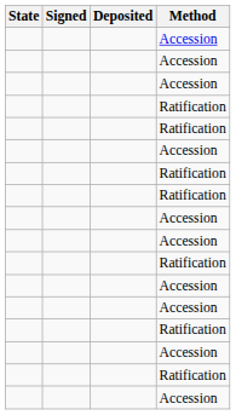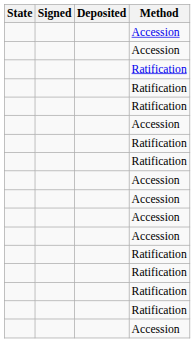 <table class="wikitable sortable">
 <tr>
 <th>State</th>
 <th>Signed</th>
 <th>Deposited</th>
 <th>Method</th>
 </tr>
 <tr>
 <td></td>
 <td></td>
 <td></td>
 <td><a href='#'>Accession</a></td>
 </tr>
 <tr>
 <td></td>
 <td></td>
 <td></td>
 <td>Accession</td>
 </tr>
 <tr>
 <td></td>
 <td></td>
 <td></td>
-<td>Accession</td>
+<td><a href='#'>Ratification</a></td>
 </tr>
 <tr>
 <td></td>
 <td></td>
 <td></td>
 <td>Ratification</td>
 </tr>
 <tr>
 <td></td>
 <td></td>
 <td></td>
 <td>Ratification</td>
 </tr>
 <tr>
 <td></td>
 <td></td>
 <td></td>
 <td>Accession</td>
 </tr>
 <tr>
 <td></td>
 <td></td>
 <td></td>
 <td>Ratification</td>
 </tr>
 <tr>
 <td></td>
 <td></td>
 <td></td>
 <td>Ratification</td>
 </tr>
 <tr>
 <td></td>
 <td></td>
 <td></td>
 <td>Accession</td>
 </tr>
 <tr>
 <td></td>
 <td></td>
 <td></td>
 <td>Accession</td>
 </tr>
 <tr>
 <td></td>
 <td></td>
 <td></td>
-<td>Ratification</td>
-</tr>
-<tr>
-<td></td>
-<td></td>
-<td></td>
 <td>Accession</td>
 </tr>
 <tr>
 <td></td>
 <td></td>
 <td></td>
 <td>Accession</td>
 </tr>
 <tr>
 <td></td>
 <td></td>
 <td></td>
 <td>Ratification</td>
 </tr>
 <tr>
 <td></td>
 <td></td>
 <td></td>
-<td>Accession</td>
+<td>Ratification</td>
+</tr>
+<tr>
+<td></td>
+<td></td>
+<td></td>
+<td>Ratification</td>
 </tr>
 <tr>
 <td></td>
 <td></td>
 <td></td>
 <td>Ratification</td>
 </tr>
 <tr>
 <td></td>
 <td></td>
 <td></td>
 <td>Accession</td>
 </tr>
 </table>
